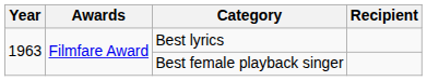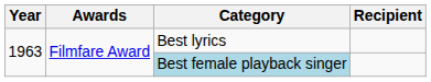 <table class="wikitable sortable">
 <tr>
 <th>Year</th>
 <th>Awards</th>
 <th>Category</th>
 <th>Recipient</th>
 </tr>
 <tr>
 <td rowspan="2">1963</td>
 <td rowspan="2"><a href='#'>Filmfare Award</a></td>
 <td>Best lyrics</td>
 <td></td>
 </tr>
 <tr>
-<td>Best female playback singer</td>
+<td style="background: lightblue;">Best female playback singer</td>
 <td></td>
 </tr>
 </table>
